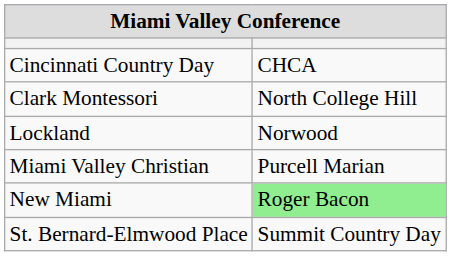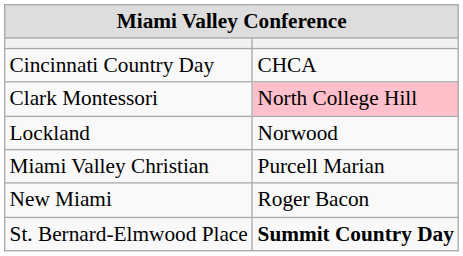 <table class="wikitable">
 <tr style="background:#ccf;">
 <th colspan="4" style="background:#ddd;">Miami Valley Conference</th>
 </tr>
 <tr>
 <th></th>
 <th></th>
 </tr>
 <tr>
 <td>Cincinnati Country Day</td>
 <td>CHCA</td>
 </tr>
 <tr>
 <td>Clark Montessori</td>
-<td>North College Hill</td>
+<td style="background: pink;">North College Hill</td>
 </tr>
 <tr>
 <td>Lockland</td>
 <td>Norwood</td>
 </tr>
 <tr>
 <td>Miami Valley Christian</td>
 <td>Purcell Marian</td>
 </tr>
 <tr>
 <td>New Miami</td>
-<td style="background: lightgreen;">Roger Bacon</td>
+<td>Roger Bacon</td>
 </tr>
 <tr>
 <td>St. Bernard-Elmwood Place</td>
-<td>Summit Country Day</td>
+<td><strong>Summit Country Day</strong></td>
 </tr>
 </table>
